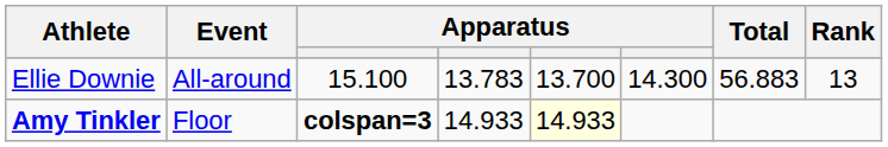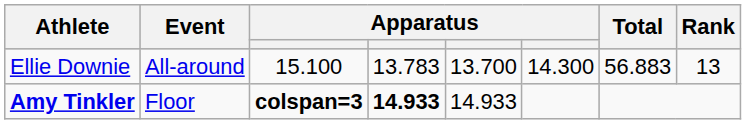 <table class="wikitable" style="font-size:90%">
 <tr>
 <th rowspan=2>Athlete</th>
 <th rowspan=2>Event</th>
 <th colspan=4>Apparatus</th>
 <th rowspan=2>Total</th>
 <th rowspan=2>Rank</th>
 </tr>
 <tr style="font-size:95%">
 <th></th>
 <th></th>
 <th></th>
 <th></th>
 </tr>
 <tr align=center>
 <td align=left><a href='#'>Ellie Downie</a></td>
 <td align=left><a href='#'>All-around</a></td>
 <td>15.100</td>
 <td>13.783</td>
 <td>13.700</td>
 <td>14.300</td>
 <td>56.883</td>
 <td>13</td>
 </tr>
 <tr align=center>
 <td align=left><strong><a href='#'>Amy Tinkler</a></strong></td>
 <td align=left><a href='#'>Floor</a></td>
 <td><strong>colspan=3 </strong></td>
+<td><strong>14.933</strong></td>
 <td>14.933</td>
-<td style="background: lightyellow;">14.933</td>
 <td></td>
 </tr>
 </table>
